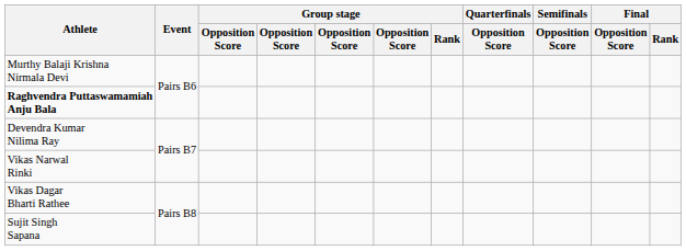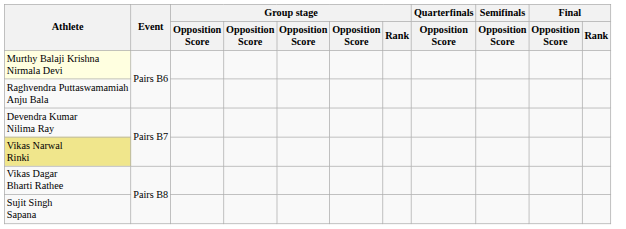 <table class="wikitable" style="text-align:center; font-size:90%">
 <tr>
 <th rowspan="2">Athlete</th>
 <th rowspan="2">Event</th>
 <th colspan="5">Group stage</th>
 <th>Quarterfinals</th>
 <th>Semifinals</th>
 <th colspan="2">Final</th>
 </tr>
 <tr>
 <th>Opposition<br>Score</th>
 <th>Opposition<br>Score</th>
 <th>Opposition<br>Score</th>
 <th>Opposition<br>Score</th>
 <th>Rank</th>
 <th>Opposition<br>Score</th>
 <th>Opposition<br>Score</th>
 <th>Opposition<br>Score</th>
 <th>Rank</th>
 </tr>
 <tr>
-<td align="left">Murthy Balaji Krishna<br>Nirmala Devi</td>
+<td align="left" style="background: lightyellow;">Murthy Balaji Krishna<br>Nirmala Devi</td>
 <td rowspan="2">Pairs B6</td>
 <td></td>
 <td></td>
 <td></td>
 <td></td>
 <td></td>
 <td></td>
 <td></td>
 <td></td>
 <td></td>
 </tr>
 <tr>
-<td align="left"><strong>Raghvendra Puttaswamamiah<br>Anju Bala</strong></td>
+<td align="left">Raghvendra Puttaswamamiah<br>Anju Bala</td>
 <td></td>
 <td></td>
 <td></td>
 <td></td>
 <td></td>
 <td></td>
 <td></td>
 <td></td>
 <td></td>
 </tr>
 <tr>
 <td align="left">Devendra Kumar<br>Nilima Ray</td>
 <td rowspan="2">Pairs B7</td>
 <td></td>
 <td></td>
 <td></td>
 <td></td>
 <td></td>
 <td></td>
 <td></td>
 <td></td>
 <td></td>
 </tr>
 <tr>
-<td align="left">Vikas Narwal<br>Rinki</td>
+<td align="left" style="background: khaki;">Vikas Narwal<br>Rinki</td>
 <td></td>
 <td></td>
 <td></td>
 <td></td>
 <td></td>
 <td></td>
 <td></td>
 <td></td>
 <td></td>
 </tr>
 <tr>
 <td align="left">Vikas Dagar<br>Bharti Rathee</td>
 <td rowspan="2">Pairs B8</td>
 <td></td>
 <td></td>
 <td></td>
 <td></td>
 <td></td>
 <td></td>
 <td></td>
 <td></td>
 <td></td>
 </tr>
 <tr>
 <td align="left">Sujit Singh<br>Sapana</td>
 <td></td>
 <td></td>
 <td></td>
 <td></td>
 <td></td>
 <td></td>
 <td></td>
 <td></td>
 <td></td>
 </tr>
 </table>
